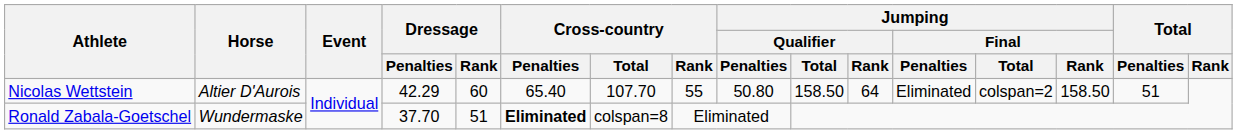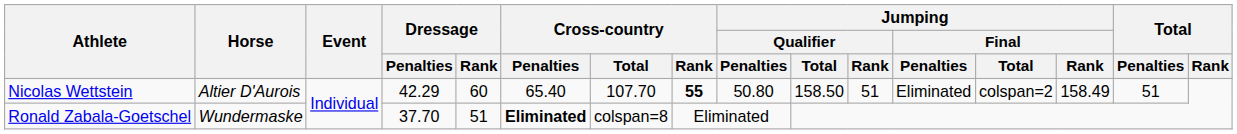 <table class=wikitable style=font-size:90%;text-align:center>
 <tr>
 <th rowspan="3">Athlete</th>
 <th rowspan="3">Horse</th>
 <th rowspan="3">Event</th>
 <th colspan="2" rowspan="2">Dressage</th>
 <th colspan="3" rowspan="2">Cross-country</th>
 <th colspan="6">Jumping</th>
 <th colspan="2" rowspan="2">Total</th>
 </tr>
 <tr style="font-size:95%">
 <th colspan="3">Qualifier</th>
 <th colspan="3">Final</th>
 </tr>
 <tr style="font-size:95%">
 <th>Penalties</th>
 <th>Rank</th>
 <th>Penalties</th>
 <th>Total</th>
 <th>Rank</th>
 <th>Penalties</th>
 <th>Total</th>
 <th>Rank</th>
 <th>Penalties</th>
 <th>Total</th>
 <th>Rank</th>
 <th>Penalties</th>
 <th>Rank</th>
 </tr>
 <tr align=center>
 <td align=left><a href='#'>Nicolas Wettstein</a></td>
 <td align=left><em>Altier D'Aurois</em></td>
 <td rowspan=2 align=left><a href='#'>Individual</a></td>
 <td>42.29</td>
 <td>60</td>
 <td>65.40</td>
 <td>107.70</td>
-<td>55</td>
+<td><strong>55</strong></td>
 <td>50.80</td>
 <td>158.50</td>
-<td>64</td>
+<td>51</td>
 <td>Eliminated</td>
 <td>colspan=2 </td>
-<td>158.50</td>
+<td>158.49</td>
 <td>51</td>
 </tr>
 <tr align=center>
 <td align=left><a href='#'>Ronald Zabala-Goetschel</a></td>
 <td align=left><em>Wundermaske</em></td>
 <td>37.70</td>
 <td>51</td>
 <td><strong>Eliminated</strong></td>
 <td>colspan=8 </td>
 <td colspan=2>Eliminated</td>
 </tr>
 </table>
